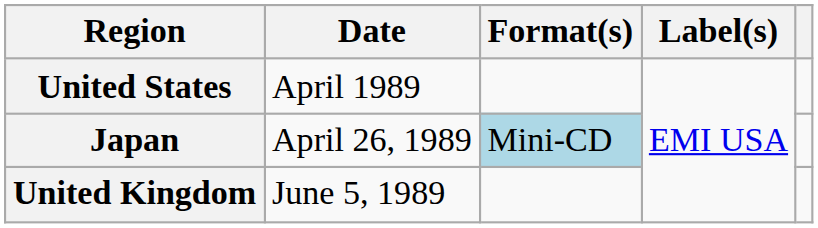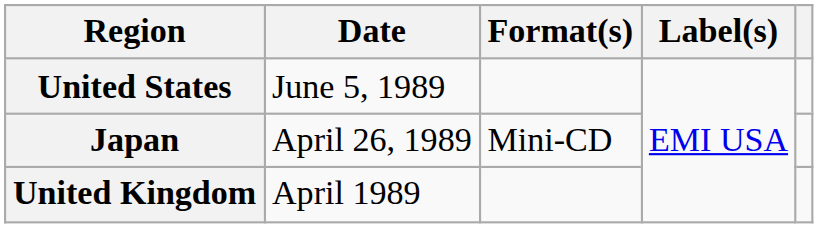 <table class="wikitable plainrowheaders">
 <tr>
 <th scope="col">Region</th>
 <th scope="col">Date</th>
 <th scope="col">Format(s)</th>
 <th scope="col">Label(s)</th>
 <th scope="col"></th>
 </tr>
 <tr>
 <th scope="row">United States</th>
-<td>April 1989</td>
+<td>June 5, 1989</td>
 <td></td>
 <td rowspan="3"><a href='#'>EMI USA</a></td>
 </tr>
 <tr>
 <th scope="row">Japan</th>
 <td>April 26, 1989</td>
-<td style="background: lightblue;">Mini-CD</td>
+<td>Mini-CD</td>
 <td></td>
 </tr>
 <tr>
 <th scope="row">United Kingdom</th>
-<td>June 5, 1989</td>
+<td>April 1989</td>
 <td></td>
 <td></td>
 </tr>
 </table>
